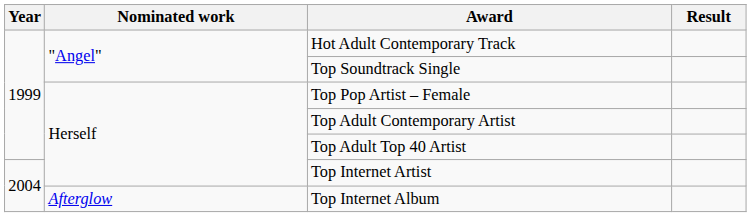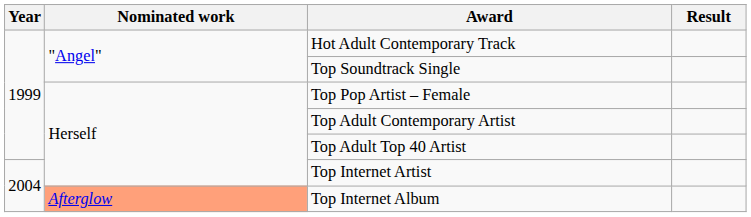 <table class="wikitable">
 <tr>
 <th>Year</th>
 <th width="250">Nominated work</th>
 <th width="350">Award</th>
 <th width="65">Result</th>
 </tr>
 <tr>
 <td rowspan=5>1999</td>
 <td rowspan=2>"<a href='#'>Angel</a>"</td>
 <td>Hot Adult Contemporary Track</td>
 <td></td>
 </tr>
 <tr>
 <td>Top Soundtrack Single</td>
 <td></td>
 </tr>
 <tr>
 <td rowspan=4>Herself</td>
 <td>Top Pop Artist – Female</td>
 <td></td>
 </tr>
 <tr>
 <td>Top Adult Contemporary Artist</td>
 <td></td>
 </tr>
 <tr>
 <td>Top Adult Top 40 Artist</td>
 <td></td>
 </tr>
 <tr>
 <td rowspan=2>2004</td>
 <td>Top Internet Artist</td>
 <td></td>
 </tr>
 <tr>
-<td><em><a href='#'>Afterglow</a></em></td>
+<td style="background: lightsalmon;"><em><a href='#'>Afterglow</a></em></td>
 <td>Top Internet Album</td>
 <td></td>
 </tr>
 </table>
